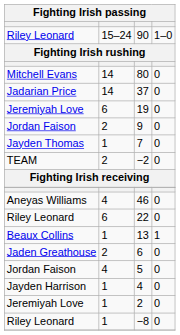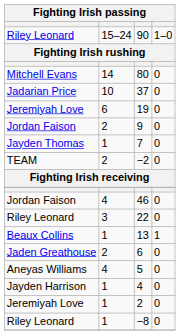 <table class="wikitable plainrowheaders">
 <tr>
 <th colspan="6">Fighting Irish passing</th>
 </tr>
 <tr>
 <th scope="col"></th>
 <th scope="col"></th>
 <th scope="col"></th>
 <th scope="col"></th>
 </tr>
 <tr>
 <td><a href='#'>Riley Leonard</a></td>
 <td>15–24</td>
 <td>90</td>
 <td>1–0</td>
 </tr>
 <tr>
 <th colspan="6">Fighting Irish rushing</th>
 </tr>
 <tr>
 <th scope="col"></th>
 <th scope="col"></th>
 <th scope="col"></th>
 <th scope="col"></th>
 </tr>
 <tr>
 <td><a href='#'>Mitchell Evans</a></td>
 <td>14</td>
 <td>80</td>
 <td>0</td>
 </tr>
 <tr>
 <td><a href='#'>Jadarian Price</a></td>
-<td>14</td>
+<td>10</td>
 <td>37</td>
 <td>0</td>
 </tr>
 <tr>
 <td><a href='#'>Jeremiyah Love</a></td>
 <td>6</td>
 <td>19</td>
 <td>0</td>
 </tr>
 <tr>
 <td><a href='#'>Jordan Faison</a></td>
 <td>2</td>
 <td>9</td>
 <td>0</td>
 </tr>
 <tr>
 <td><a href='#'>Jayden Thomas</a></td>
 <td>1</td>
 <td>7</td>
 <td>0</td>
 </tr>
 <tr>
 <td>TEAM</td>
 <td>2</td>
 <td>−2</td>
 <td>0</td>
 </tr>
 <tr>
 <th colspan="6">Fighting Irish receiving</th>
 </tr>
 <tr>
 </tr>
 <tr>
 <th scope="col"></th>
 <th scope="col"></th>
 <th scope="col"></th>
 <th scope="col"></th>
 </tr>
 <tr>
-<td>Aneyas Williams</td>
+<td>Jordan Faison</td>
 <td>4</td>
 <td>46</td>
 <td>0</td>
 </tr>
 <tr>
 <td>Riley Leonard</td>
-<td>6</td>
+<td>3</td>
 <td>22</td>
 <td>0</td>
 </tr>
 <tr>
 <td><a href='#'>Beaux Collins</a></td>
 <td>1</td>
 <td>13</td>
 <td>1</td>
 </tr>
 <tr>
 <td><a href='#'>Jaden Greathouse</a></td>
 <td>2</td>
 <td>6</td>
 <td>0</td>
 </tr>
 <tr>
-<td>Jordan Faison</td>
+<td>Aneyas Williams</td>
 <td>4</td>
 <td>5</td>
 <td>0</td>
 </tr>
 <tr>
 <td>Jayden Harrison</td>
 <td>1</td>
 <td>4</td>
 <td>0</td>
 </tr>
 <tr>
 <td>Jeremiyah Love</td>
 <td>1</td>
 <td>2</td>
 <td>0</td>
 </tr>
 <tr>
 <td>Riley Leonard</td>
 <td>1</td>
 <td>−8</td>
 <td>0</td>
 </tr>
 <tr>
 </tr>
 </table>
